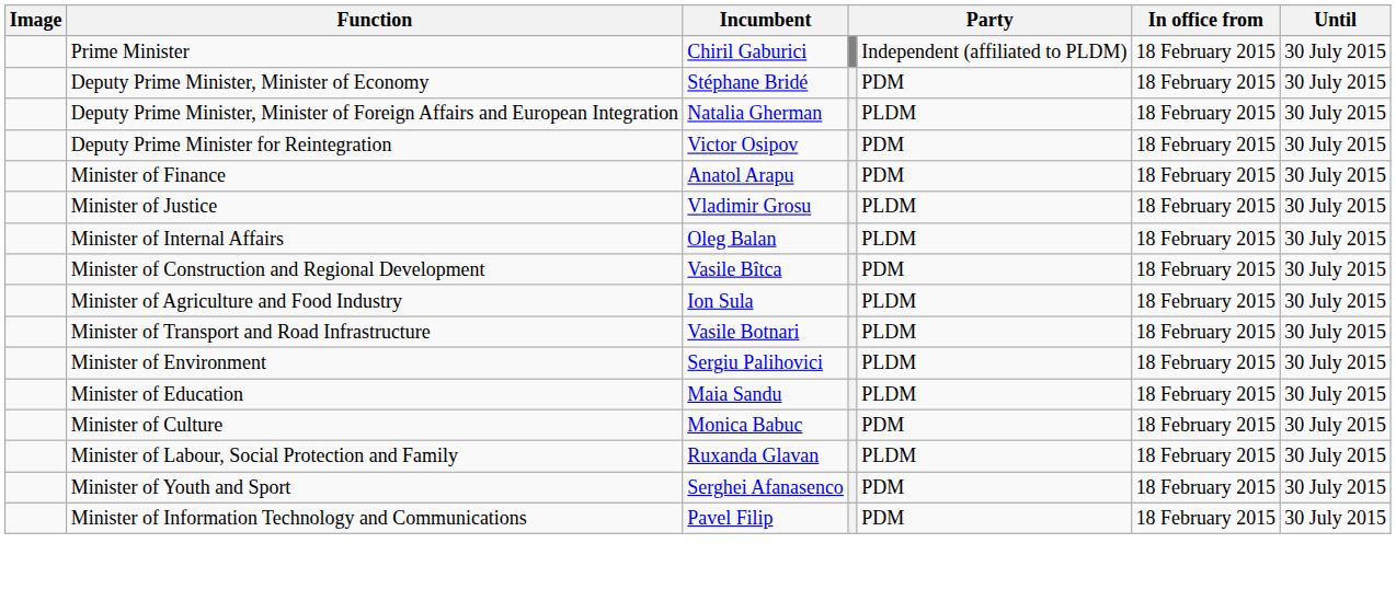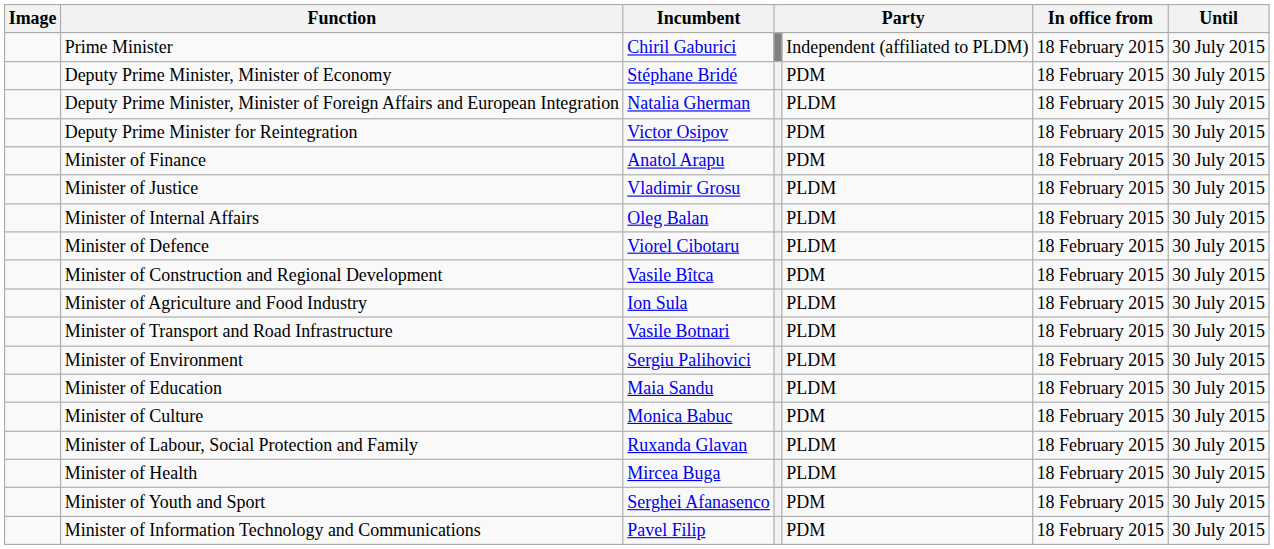 <table class="wikitable">
 <tr>
 <th>Image</th>
 <th>Function</th>
 <th>Incumbent</th>
 <th colspan="2">Party</th>
 <th>In office from</th>
 <th>Until</th>
 </tr>
 <tr>
 <td></td>
 <td>Prime Minister</td>
 <td><a href='#'>Chiril Gaburici</a></td>
 <th style="background-color: grey"></th>
 <td>Independent (affiliated to PLDM)</td>
 <td>18 February 2015</td>
 <td>30 July 2015</td>
 </tr>
 <tr>
 <td></td>
 <td>Deputy Prime Minister, Minister of Economy</td>
 <td><a href='#'>Stéphane Bridé</a></td>
 <th style="background-color: "></th>
 <td>PDM</td>
 <td>18 February 2015</td>
 <td>30 July 2015</td>
 </tr>
 <tr>
 <td></td>
 <td>Deputy Prime Minister, Minister of Foreign Affairs and European Integration</td>
 <td><a href='#'>Natalia Gherman</a></td>
 <th style="background-color: "></th>
 <td>PLDM</td>
 <td>18 February 2015</td>
 <td>30 July 2015</td>
 </tr>
 <tr>
 <td></td>
 <td>Deputy Prime Minister for Reintegration</td>
 <td><a href='#'>Victor Osipov</a></td>
 <th style="background-color: "></th>
 <td>PDM</td>
 <td>18 February 2015</td>
 <td>30 July 2015</td>
 </tr>
 <tr>
 <td></td>
 <td>Minister of Finance</td>
 <td><a href='#'>Anatol Arapu</a></td>
 <th style="background-color: "></th>
 <td>PDM</td>
 <td>18 February 2015</td>
 <td>30 July 2015</td>
 </tr>
 <tr>
 <td></td>
 <td>Minister of Justice</td>
 <td><a href='#'>Vladimir Grosu</a></td>
 <th style="background-color: "></th>
 <td>PLDM</td>
 <td>18 February 2015</td>
 <td>30 July 2015</td>
 </tr>
 <tr>
 <td></td>
 <td>Minister of Internal Affairs</td>
 <td><a href='#'>Oleg Balan</a></td>
 <th style="background-color: "></th>
 <td>PLDM</td>
 <td>18 February 2015</td>
 <td>30 July 2015</td>
 </tr>
 <tr>
 <td></td>
+<td>Minister of Defence</td>
+<td><a href='#'>Viorel Cibotaru</a></td>
+<th style="background-color: "></th>
+<td>PLDM</td>
+<td>18 February 2015</td>
+<td>30 July 2015</td>
+</tr>
+<tr>
+<td></td>
 <td>Minister of Construction and Regional Development</td>
 <td><a href='#'>Vasile Bîtca</a></td>
 <th style="background-color: "></th>
 <td>PDM</td>
 <td>18 February 2015</td>
 <td>30 July 2015</td>
 </tr>
 <tr>
 <td></td>
 <td>Minister of Agriculture and Food Industry</td>
 <td><a href='#'>Ion Sula</a></td>
 <th style="background-color: "></th>
 <td>PLDM</td>
 <td>18 February 2015</td>
 <td>30 July 2015</td>
 </tr>
 <tr>
 <td></td>
 <td>Minister of Transport and Road Infrastructure</td>
 <td><a href='#'>Vasile Botnari</a></td>
 <th style="background-color: "></th>
 <td>PLDM</td>
 <td>18 February 2015</td>
 <td>30 July 2015</td>
 </tr>
 <tr>
 <td></td>
 <td>Minister of Environment</td>
 <td><a href='#'>Sergiu Palihovici</a></td>
 <th style="background-color: "></th>
 <td>PLDM</td>
 <td>18 February 2015</td>
 <td>30 July 2015</td>
 </tr>
 <tr>
 <td></td>
 <td>Minister of Education</td>
 <td><a href='#'>Maia Sandu</a></td>
 <th style="background-color: "></th>
 <td>PLDM</td>
 <td>18 February 2015</td>
 <td>30 July 2015</td>
 </tr>
 <tr>
 <td></td>
 <td>Minister of Culture</td>
 <td><a href='#'>Monica Babuc</a></td>
 <th style="background-color: "></th>
 <td>PDM</td>
 <td>18 February 2015</td>
 <td>30 July 2015</td>
 </tr>
 <tr>
 <td></td>
 <td>Minister of Labour, Social Protection and Family</td>
 <td><a href='#'>Ruxanda Glavan</a></td>
 <th style="background-color: "></th>
 <td>PLDM</td>
 <td>18 February 2015</td>
 <td>30 July 2015</td>
 </tr>
 <tr>
 <td></td>
+<td>Minister of Health</td>
+<td><a href='#'>Mircea Buga</a></td>
+<th style="background-color: "></th>
+<td>PLDM</td>
+<td>18 February 2015</td>
+<td>30 July 2015</td>
+</tr>
+<tr>
+<td></td>
 <td>Minister of Youth and Sport</td>
 <td><a href='#'>Serghei Afanasenco</a></td>
 <th style="background-color: "></th>
 <td>PDM</td>
 <td>18 February 2015</td>
 <td>30 July 2015</td>
 </tr>
 <tr>
 <td></td>
 <td>Minister of Information Technology and Communications</td>
 <td><a href='#'>Pavel Filip</a></td>
 <th style="background-color: "></th>
 <td>PDM</td>
 <td>18 February 2015</td>
 <td>30 July 2015</td>
 </tr>
 </table>
